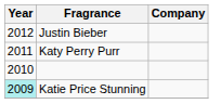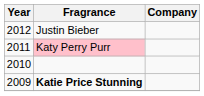 <table class="wikitable sortable">
 <tr>
 <th>Year</th>
 <th>Fragrance</th>
 <th>Company</th>
 </tr>
 <tr>
 <td>2012</td>
 <td>Justin Bieber</td>
 <td></td>
 </tr>
 <tr>
 <td>2011</td>
-<td>Katy Perry Purr</td>
+<td style="background: pink;">Katy Perry Purr</td>
 <td></td>
 </tr>
 <tr>
 <td>2010</td>
 <td></td>
 <td></td>
 </tr>
 <tr>
-<td style="background: paleturquoise;">2009</td>
-<td>Katie Price Stunning</td>
+<td>2009</td>
+<td><strong>Katie Price Stunning</strong></td>
 <td></td>
 </tr>
 <tr>
 </tr>
 </table>
